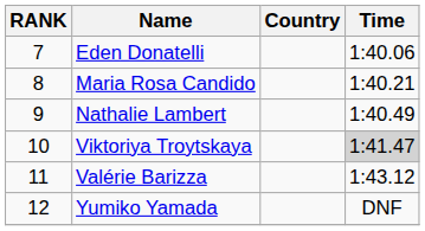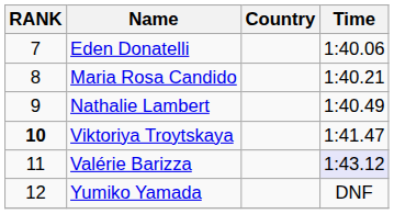 <table class="wikitable"style="text-align:center">
 <tr>
 <th>RANK</th>
 <th>Name</th>
 <th>Country</th>
 <th>Time</th>
 </tr>
 <tr>
 <td>7</td>
 <td align=left><a href='#'>Eden Donatelli</a></td>
 <td align="left"></td>
 <td>1:40.06</td>
 </tr>
 <tr>
 <td>8</td>
 <td align=left><a href='#'>Maria Rosa Candido</a></td>
 <td align="left"></td>
 <td>1:40.21</td>
 </tr>
 <tr>
 <td>9</td>
 <td align=left><a href='#'>Nathalie Lambert</a></td>
 <td align="left"></td>
 <td>1:40.49</td>
 </tr>
 <tr>
-<td>10</td>
+<td><strong>10</strong></td>
 <td align=left><a href='#'>Viktoriya Troytskaya</a></td>
 <td align="left"></td>
-<td style="background: lightgrey;">1:41.47</td>
+<td>1:41.47</td>
 </tr>
 <tr>
 <td>11</td>
 <td align=left><a href='#'>Valérie Barizza</a></td>
 <td align="left"></td>
-<td>1:43.12</td>
+<td style="background: lavender;">1:43.12</td>
 </tr>
 <tr>
 <td>12</td>
 <td align=left><a href='#'>Yumiko Yamada</a></td>
 <td align="left"></td>
 <td>DNF</td>
 </tr>
 <tr>
 </tr>
 </table>
